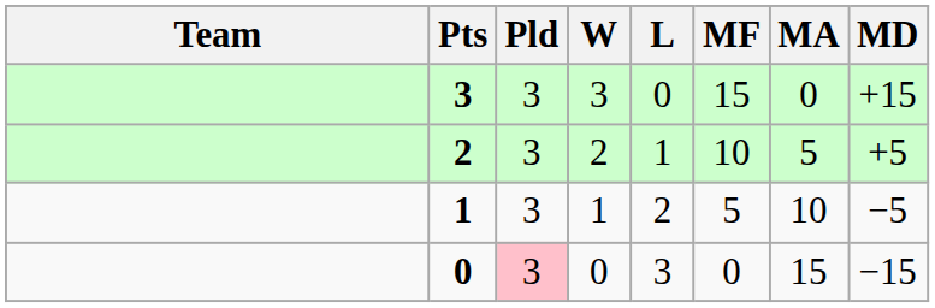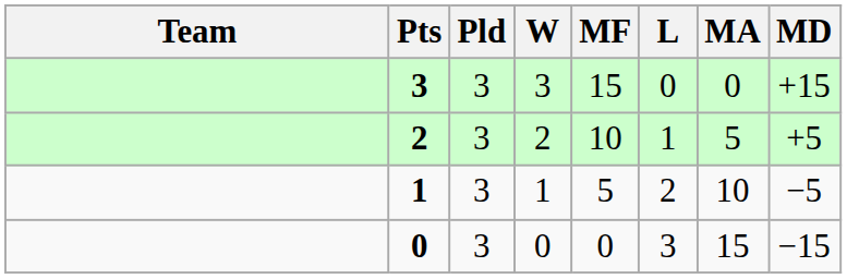 <table class=wikitable style="text-align:center">
 <tr>
 <th width=175>Team</th>
 <th width=20>Pts</th>
 <th width=20>Pld</th>
 <th width=20>W</th>
+<th width=20>MF</th>
 <th width=20>L</th>
-<th width=20>MF</th>
 <th width=20>MA</th>
 <th width=20>MD</th>
 </tr>
 <tr bgcolor=#ccffcc>
 <td align=left></td>
 <td><strong>3</strong></td>
 <td>3</td>
 <td>3</td>
+<td>15</td>
 <td>0</td>
-<td>15</td>
 <td>0</td>
 <td>+15</td>
 </tr>
 <tr bgcolor=#ccffcc>
 <td align=left></td>
 <td><strong>2</strong></td>
 <td>3</td>
 <td>2</td>
+<td>10</td>
 <td>1</td>
-<td>10</td>
 <td>5</td>
 <td>+5</td>
 </tr>
 <tr>
 <td align=left></td>
 <td><strong>1</strong></td>
 <td>3</td>
 <td>1</td>
+<td>5</td>
 <td>2</td>
-<td>5</td>
 <td>10</td>
 <td>−5</td>
 </tr>
 <tr>
 <td align=left></td>
 <td><strong>0</strong></td>
-<td style="background: pink;">3</td>
+<td>3</td>
+<td>0</td>
 <td>0</td>
 <td>3</td>
-<td>0</td>
 <td>15</td>
 <td>−15</td>
 </tr>
 </table>
